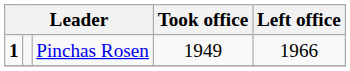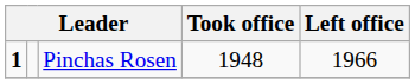 <table class="wikitable" style="text-align: center;">
 <tr>
 <th colspan="3">Leader</th>
 <th>Took office</th>
 <th>Left office</th>
 </tr>
 <tr>
 <td style="background: "><strong>1</strong></td>
 <td></td>
 <td><a href='#'>Pinchas Rosen</a></td>
-<td>1949</td>
+<td>1948</td>
 <td>1966</td>
 </tr>
 <tr>
 </tr>
 </table>
